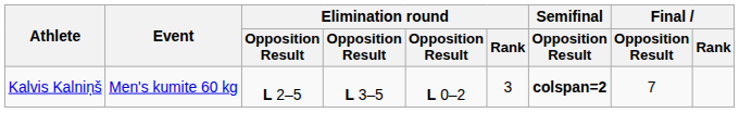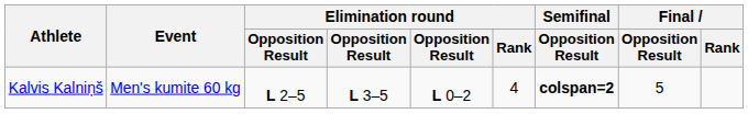 <table class=wikitable style=font-size:90%;text-align:center>
 <tr>
 <th rowspan=2>Athlete</th>
 <th rowspan=2>Event</th>
 <th colspan=4>Elimination round</th>
 <th>Semifinal</th>
 <th colspan=2>Final / </th>
 </tr>
 <tr style=font-size:95%>
 <th>Opposition<br>Result</th>
 <th>Opposition<br>Result</th>
 <th>Opposition<br>Result</th>
 <th>Rank</th>
 <th>Opposition<br>Result</th>
 <th>Opposition<br>Result</th>
 <th>Rank</th>
 </tr>
 <tr>
 <td align=left><a href='#'>Kalvis Kalniņš</a></td>
 <td align=left><a href='#'>Men's kumite 60 kg</a></td>
 <td><br><strong>L</strong> 2–5</td>
 <td><br><strong>L</strong> 3–5</td>
 <td><br><strong>L</strong> 0–2</td>
-<td>3</td>
+<td>4</td>
 <td><strong>colspan=2 </strong></td>
-<td>7</td>
+<td>5</td>
 </tr>
 </table>
